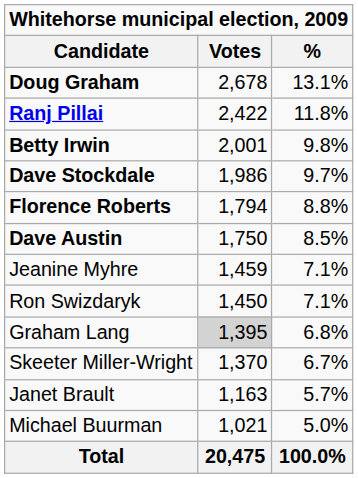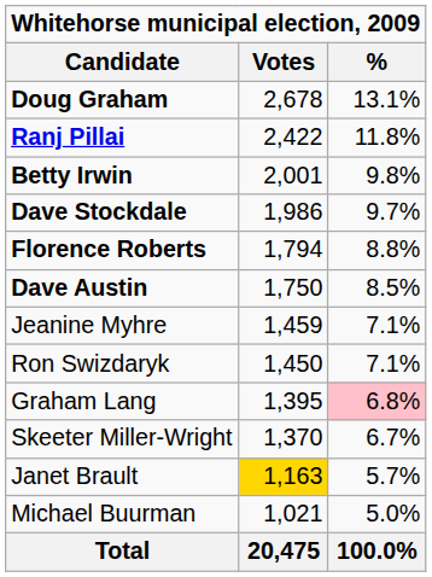 <table class="wikitable">
 <tr>
 <td Colspan="3" align="center"><strong>Whitehorse municipal election, 2009</strong></td>
 </tr>
 <tr>
 <th bgcolor="#DDDDFF" width="150px">Candidate</th>
 <th bgcolor="#DDDDFF">Votes</th>
 <th bgcolor="#DDDDFF">%</th>
 </tr>
 <tr>
 <td><strong>Doug Graham</strong></td>
 <td align=right>2,678</td>
 <td align=right>13.1%</td>
 </tr>
 <tr>
 <td><strong><a href='#'>Ranj Pillai</a></strong></td>
 <td align=right>2,422</td>
 <td align=right>11.8%</td>
 </tr>
 <tr>
 <td><strong>Betty Irwin</strong></td>
 <td align=right>2,001</td>
 <td align=right>9.8%</td>
 </tr>
 <tr>
 <td><strong>Dave Stockdale</strong></td>
 <td align=right>1,986</td>
 <td align=right>9.7%</td>
 </tr>
 <tr>
 <td><strong>Florence Roberts</strong></td>
 <td align=right>1,794</td>
 <td align=right>8.8%</td>
 </tr>
 <tr>
 <td><strong>Dave Austin</strong></td>
 <td align=right>1,750</td>
 <td align=right>8.5%</td>
 </tr>
 <tr>
 <td>Jeanine Myhre</td>
 <td align=right>1,459</td>
 <td align=right>7.1%</td>
 </tr>
 <tr>
 <td>Ron Swizdaryk</td>
 <td align=right>1,450</td>
 <td align=right>7.1%</td>
 </tr>
 <tr>
 <td>Graham Lang</td>
-<td align=right style="background: lightgrey;">1,395</td>
-<td align=right>6.8%</td>
+<td align=right>1,395</td>
+<td align=right style="background: pink;">6.8%</td>
 </tr>
 <tr>
 <td>Skeeter Miller-Wright</td>
 <td align=right>1,370</td>
 <td align=right>6.7%</td>
 </tr>
 <tr>
 <td>Janet Brault</td>
-<td align=right>1,163</td>
+<td align=right style="background: gold;">1,163</td>
 <td align=right>5.7%</td>
 </tr>
 <tr>
 <td>Michael Buurman</td>
 <td align=right>1,021</td>
 <td align=right>5.0%</td>
 </tr>
 <tr>
 <th>Total</th>
 <th align=right><strong>20,475</strong></th>
 <th align=right><strong>100.0%</strong></th>
 </tr>
 </table>
